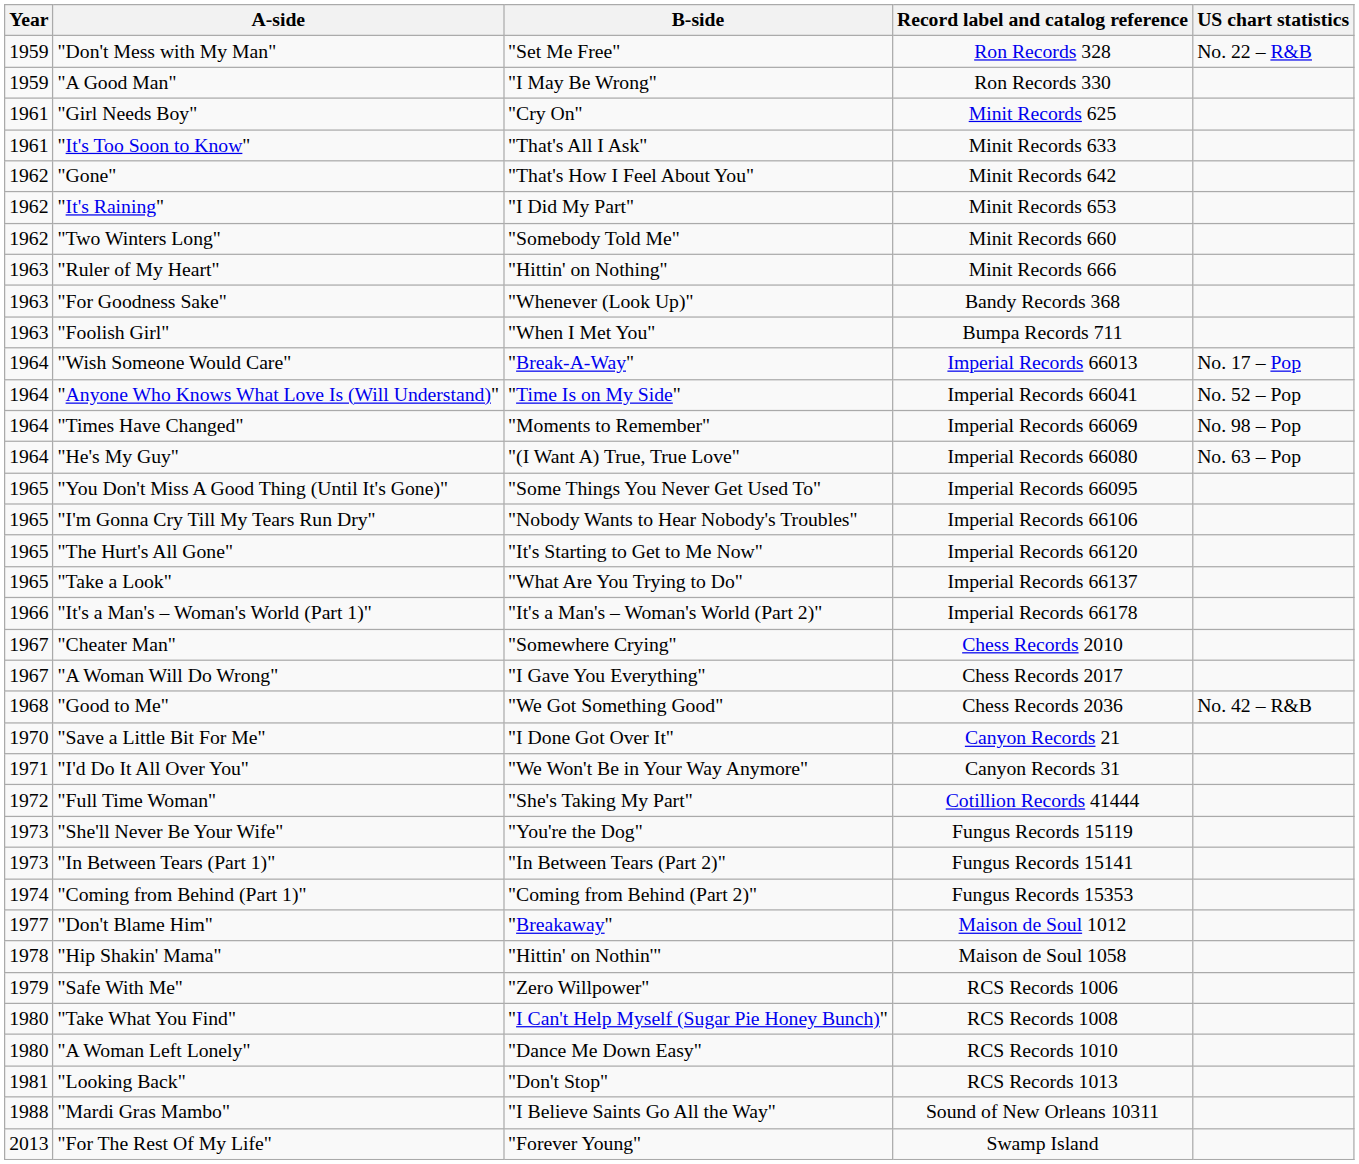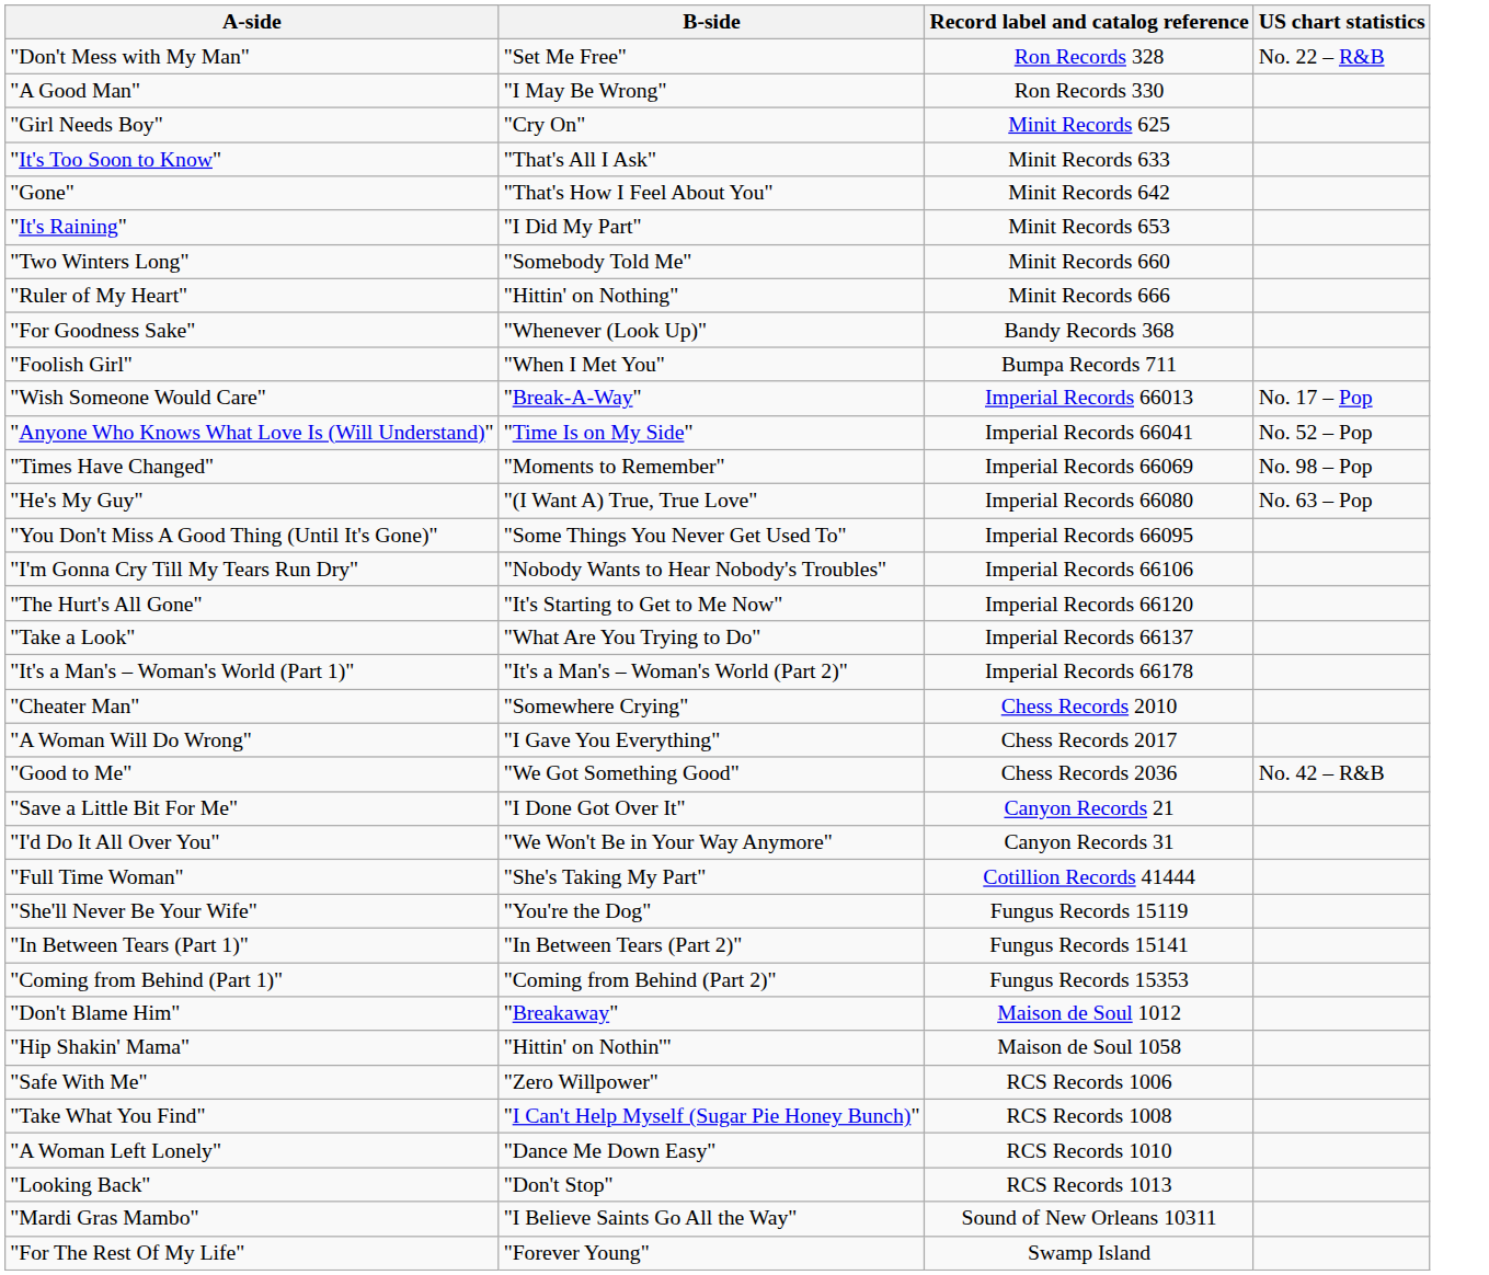 <table class="wikitable sortable">
 <tr>
-<th>Year</th>
 <th>A-side</th>
 <th>B-side</th>
 <th>Record label and catalog reference</th>
 <th>US chart statistics</th>
 </tr>
 <tr>
-<td>1959</td>
 <td>"Don't Mess with My Man"</td>
 <td>"Set Me Free"</td>
 <td style="text-align:center;"><a href='#'>Ron Records</a> 328</td>
 <td>No. 22 – <a href='#'>R&B</a></td>
 </tr>
 <tr>
-<td>1959</td>
 <td>"A Good Man"</td>
 <td>"I May Be Wrong"</td>
 <td style="text-align:center;">Ron Records 330</td>
 <td></td>
 </tr>
 <tr>
-<td>1961</td>
 <td>"Girl Needs Boy"</td>
 <td>"Cry On"</td>
 <td style="text-align:center;"><a href='#'>Minit Records</a> 625</td>
 <td></td>
 </tr>
 <tr>
-<td>1961</td>
 <td>"<a href='#'>It's Too Soon to Know</a>"</td>
 <td>"That's All I Ask"</td>
 <td style="text-align:center;">Minit Records 633</td>
 <td></td>
 </tr>
 <tr>
-<td>1962</td>
 <td>"Gone"</td>
 <td>"That's How I Feel About You"</td>
 <td style="text-align:center;">Minit Records 642</td>
 <td></td>
 </tr>
 <tr>
-<td>1962</td>
 <td>"<a href='#'>It's Raining</a>"</td>
 <td>"I Did My Part"</td>
 <td style="text-align:center;">Minit Records 653</td>
 <td></td>
 </tr>
 <tr>
-<td>1962</td>
 <td>"Two Winters Long"</td>
 <td>"Somebody Told Me"</td>
 <td style="text-align:center;">Minit Records 660</td>
 <td></td>
 </tr>
 <tr>
-<td>1963</td>
 <td>"Ruler of My Heart"</td>
 <td>"Hittin' on Nothing"</td>
 <td style="text-align:center;">Minit Records 666</td>
 <td></td>
 </tr>
 <tr>
-<td>1963</td>
 <td>"For Goodness Sake"</td>
 <td>"Whenever (Look Up)"</td>
 <td style="text-align:center;">Bandy Records 368</td>
 <td></td>
 </tr>
 <tr>
-<td>1963</td>
 <td>"Foolish Girl"</td>
 <td>"When I Met You"</td>
 <td style="text-align:center;">Bumpa Records 711</td>
 <td></td>
 </tr>
 <tr>
-<td>1964</td>
 <td>"Wish Someone Would Care"</td>
 <td>"<a href='#'>Break-A-Way</a>"</td>
 <td style="text-align:center;"><a href='#'>Imperial Records</a> 66013</td>
 <td>No. 17 – <a href='#'>Pop</a></td>
 </tr>
 <tr>
-<td>1964</td>
 <td>"<a href='#'>Anyone Who Knows What Love Is (Will Understand)</a>"</td>
 <td>"<a href='#'>Time Is on My Side</a>"</td>
 <td style="text-align:center;">Imperial Records 66041</td>
 <td>No. 52 – Pop</td>
 </tr>
 <tr>
-<td>1964</td>
 <td>"Times Have Changed"</td>
 <td>"Moments to Remember"</td>
 <td style="text-align:center;">Imperial Records 66069</td>
 <td>No. 98 – Pop</td>
 </tr>
 <tr>
-<td>1964</td>
 <td>"He's My Guy"</td>
 <td>"(I Want A) True, True Love"</td>
 <td style="text-align:center;">Imperial Records 66080</td>
 <td>No. 63 – Pop</td>
 </tr>
 <tr>
-<td>1965</td>
 <td>"You Don't Miss A Good Thing (Until It's Gone)"</td>
 <td>"Some Things You Never Get Used To"</td>
 <td style="text-align:center;">Imperial Records 66095</td>
 <td></td>
 </tr>
 <tr>
-<td>1965</td>
 <td>"I'm Gonna Cry Till My Tears Run Dry"</td>
 <td>"Nobody Wants to Hear Nobody's Troubles"</td>
 <td style="text-align:center;">Imperial Records 66106</td>
 <td></td>
 </tr>
 <tr>
-<td>1965</td>
 <td>"The Hurt's All Gone"</td>
 <td>"It's Starting to Get to Me Now"</td>
 <td style="text-align:center;">Imperial Records 66120</td>
 <td></td>
 </tr>
 <tr>
-<td>1965</td>
 <td>"Take a Look"</td>
 <td>"What Are You Trying to Do"</td>
 <td style="text-align:center;">Imperial Records 66137</td>
 <td></td>
 </tr>
 <tr>
-<td>1966</td>
 <td>"It's a Man's – Woman's World (Part 1)"</td>
 <td>"It's a Man's – Woman's World (Part 2)"</td>
 <td style="text-align:center;">Imperial Records 66178</td>
 <td></td>
 </tr>
 <tr>
-<td>1967</td>
 <td>"Cheater Man"</td>
 <td>"Somewhere Crying"</td>
 <td style="text-align:center;"><a href='#'>Chess Records</a> 2010</td>
 <td></td>
 </tr>
 <tr>
-<td>1967</td>
 <td>"A Woman Will Do Wrong"</td>
 <td>"I Gave You Everything"</td>
 <td style="text-align:center;">Chess Records 2017</td>
 <td></td>
 </tr>
 <tr>
-<td>1968</td>
 <td>"Good to Me"</td>
 <td>"We Got Something Good"</td>
 <td style="text-align:center;">Chess Records 2036</td>
 <td>No. 42 – R&B</td>
 </tr>
 <tr>
-<td>1970</td>
 <td>"Save a Little Bit For Me"</td>
 <td>"I Done Got Over It"</td>
 <td style="text-align:center;"><a href='#'>Canyon Records</a> 21</td>
 <td></td>
 </tr>
 <tr>
-<td>1971</td>
 <td>"I'd Do It All Over You"</td>
 <td>"We Won't Be in Your Way Anymore"</td>
 <td style="text-align:center;">Canyon Records 31</td>
 <td></td>
 </tr>
 <tr>
-<td>1972</td>
 <td>"Full Time Woman"</td>
 <td>"She's Taking My Part"</td>
 <td style="text-align:center;"><a href='#'>Cotillion Records</a> 41444</td>
 <td></td>
 </tr>
 <tr>
-<td>1973</td>
 <td>"She'll Never Be Your Wife"</td>
 <td>"You're the Dog"</td>
 <td style="text-align:center;">Fungus Records 15119</td>
 <td></td>
 </tr>
 <tr>
-<td>1973</td>
 <td>"In Between Tears (Part 1)"</td>
 <td>"In Between Tears (Part 2)"</td>
 <td style="text-align:center;">Fungus Records 15141</td>
 <td></td>
 </tr>
 <tr>
-<td>1974</td>
 <td>"Coming from Behind (Part 1)"</td>
 <td>"Coming from Behind (Part 2)"</td>
 <td style="text-align:center;">Fungus Records 15353</td>
 <td></td>
 </tr>
 <tr>
-<td>1977</td>
 <td>"Don't Blame Him"</td>
 <td>"<a href='#'>Breakaway</a>"</td>
 <td style="text-align:center;"><a href='#'>Maison de Soul</a> 1012</td>
 <td></td>
 </tr>
 <tr>
-<td>1978</td>
 <td>"Hip Shakin' Mama"</td>
 <td>"Hittin' on Nothin'"</td>
 <td style="text-align:center;">Maison de Soul 1058</td>
 <td></td>
 </tr>
 <tr>
-<td>1979</td>
 <td>"Safe With Me"</td>
 <td>"Zero Willpower"</td>
 <td style="text-align:center;">RCS Records 1006</td>
 <td></td>
 </tr>
 <tr>
-<td>1980</td>
 <td>"Take What You Find"</td>
 <td>"<a href='#'>I Can't Help Myself (Sugar Pie Honey Bunch)</a>"</td>
 <td style="text-align:center;">RCS Records 1008</td>
 <td></td>
 </tr>
 <tr>
-<td>1980</td>
 <td>"A Woman Left Lonely"</td>
 <td>"Dance Me Down Easy"</td>
 <td style="text-align:center;">RCS Records 1010</td>
 <td></td>
 </tr>
 <tr>
-<td>1981</td>
 <td>"Looking Back"</td>
 <td>"Don't Stop"</td>
 <td style="text-align:center;">RCS Records 1013</td>
 <td></td>
 </tr>
 <tr>
-<td>1988</td>
 <td>"Mardi Gras Mambo"</td>
 <td>"I Believe Saints Go All the Way"</td>
 <td style="text-align:center;">Sound of New Orleans 10311</td>
 <td><br></td>
 </tr>
 <tr>
-<td>2013</td>
 <td>"For The Rest Of My Life"</td>
 <td>"Forever Young"</td>
 <td style="text-align:center;">Swamp Island</td>
 <td><br></td>
 </tr>
 </table>
